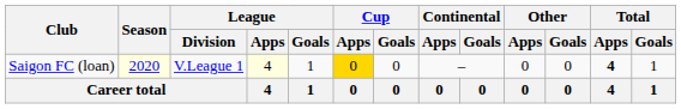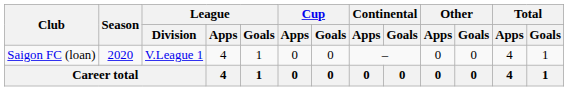 <table class="wikitable" style="text-align: center">
 <tr>
 <th rowspan="2">Club</th>
 <th rowspan="2">Season</th>
 <th colspan="3">League</th>
 <th colspan="2"><a href='#'>Cup</a></th>
 <th colspan="2">Continental</th>
 <th colspan="2">Other</th>
 <th colspan="2">Total</th>
 </tr>
 <tr>
 <th>Division</th>
 <th>Apps</th>
 <th>Goals</th>
 <th>Apps</th>
 <th>Goals</th>
 <th>Apps</th>
 <th>Goals</th>
 <th>Apps</th>
 <th>Goals</th>
 <th>Apps</th>
 <th>Goals</th>
 </tr>
 <tr>
 <td><a href='#'>Saigon FC</a> (loan)</td>
-<td style="background: lightyellow;"><a href='#'>2020</a></td>
+<td><a href='#'>2020</a></td>
 <td><a href='#'>V.League 1</a></td>
-<td style="background: lightyellow;">4</td>
+<td>4</td>
 <td>1</td>
-<td style="background: gold;">0</td>
+<td>0</td>
 <td>0</td>
 <td colspan="2">–</td>
 <td>0</td>
 <td>0</td>
-<td><strong>4</strong></td>
+<td>4</td>
 <td>1</td>
 </tr>
 <tr>
 <th colspan="3">Career total</th>
 <th>4</th>
 <th>1</th>
 <th>0</th>
 <th>0</th>
 <th>0</th>
 <th>0</th>
 <th>0</th>
 <th>0</th>
 <th>4</th>
 <th>1</th>
 </tr>
 </table>
